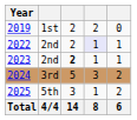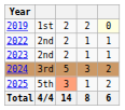 <table class="wikitable" style="text-align: center;">
 <tr>
 <th>Year</th>
 <th></th>
 <th width=25px></th>
 <th width=25px></th>
 <th width=25px></th>
 </tr>
 <tr>
 <td style="text-align:left;"> <a href='#'>2019</a></td>
 <td>1st</td>
 <td>2</td>
 <td>2</td>
-<td>0</td>
+<td style="background: lightyellow;">0</td>
 </tr>
 <tr>
 <td style="text-align:left;"> <a href='#'>2022</a></td>
 <td>2nd</td>
 <td>2</td>
-<td style="background: lavender;">1</td>
+<td>1</td>
 <td>1</td>
 </tr>
 <tr>
 <td style="text-align:left;"> <a href='#'>2023</a></td>
 <td>2nd</td>
-<td><strong>2</strong></td>
+<td>2</td>
 <td>1</td>
 <td>1</td>
 </tr>
 <tr bgcolor=cc9966>
 <td style="text-align:left;"> <a href='#'>2024</a></td>
 <td>3rd</td>
 <td>5</td>
 <td>3</td>
 <td>2</td>
 </tr>
 <tr>
 <td style="text-align:left;"> <a href='#'>2025</a></td>
 <td>5th</td>
-<td>3</td>
+<td style="background: lightsalmon;">3</td>
 <td>1</td>
 <td>2</td>
 </tr>
 <tr>
 <th>Total</th>
 <th>4/4</th>
 <th>14</th>
 <th>8</th>
 <th>6</th>
 </tr>
 </table>
